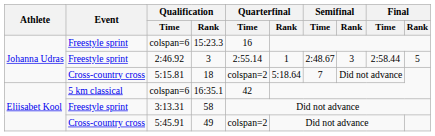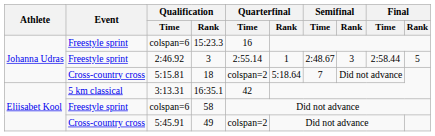 <table class="wikitable" style="font-size:90%">
 <tr>
 <th rowspan="2">Athlete</th>
 <th rowspan="2">Event</th>
 <th colspan="2">Qualification</th>
 <th colspan="2">Quarterfinal</th>
 <th colspan="2">Semifinal</th>
 <th colspan="2">Final</th>
 </tr>
 <tr style="font-size:95%">
 <th>Time</th>
 <th>Rank</th>
 <th>Time</th>
 <th>Rank</th>
 <th>Time</th>
 <th>Rank</th>
 <th>Time</th>
 <th>Rank</th>
 </tr>
 <tr align=center>
 <td align=left rowspan=3><a href='#'>Johanna Udras</a></td>
 <td align=left><a href='#'>Freestyle sprint</a></td>
 <td>colspan=6 </td>
 <td>15:23.3</td>
 <td>16</td>
 </tr>
 <tr align=center>
 <td align=left><a href='#'>Freestyle sprint</a></td>
 <td>2:46.92</td>
 <td>3</td>
 <td>2:55.14</td>
 <td>1</td>
 <td>2:48.67</td>
 <td>3</td>
 <td>2:58.44</td>
 <td>5</td>
 </tr>
 <tr align=center>
 <td align=left><a href='#'>Cross-country cross</a></td>
 <td>5:15.81</td>
 <td>18</td>
 <td>colspan=2 </td>
 <td>5:18.64</td>
 <td>7</td>
 <td colspan=2>Did not advance</td>
 </tr>
 <tr align=center>
 <td align=left rowspan=3><a href='#'>Eliisabet Kool</a></td>
 <td align=left><a href='#'>5 km classical</a></td>
-<td>colspan=6 </td>
+<td>3:13.31</td>
 <td>16:35.1</td>
 <td>42</td>
 </tr>
 <tr align=center>
 <td align=left><a href='#'>Freestyle sprint</a></td>
-<td>3:13.31</td>
+<td>colspan=6 </td>
 <td>58</td>
 <td colspan=6>Did not advance</td>
 </tr>
 <tr align=center>
 <td align=left><a href='#'>Cross-country cross</a></td>
 <td>5:45.91</td>
 <td>49</td>
 <td>colspan=2 </td>
 <td colspan=4>Did not advance</td>
 </tr>
 </table>
